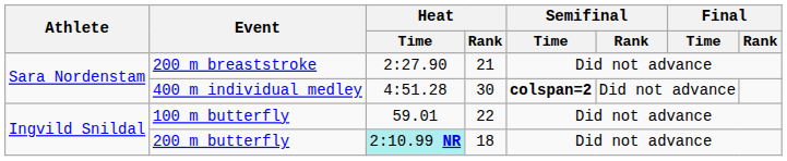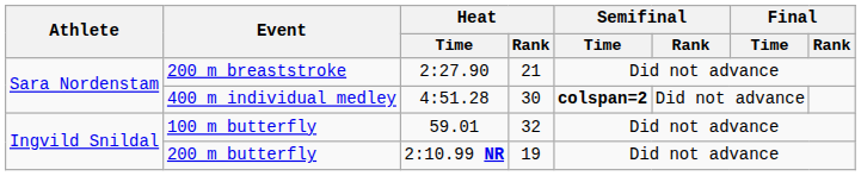 <table class=wikitable style="font-size:90%">
 <tr>
 <th rowspan="2">Athlete</th>
 <th rowspan="2">Event</th>
 <th colspan="2">Heat</th>
 <th colspan="2">Semifinal</th>
 <th colspan="2">Final</th>
 </tr>
 <tr style="font-size:95%">
 <th>Time</th>
 <th>Rank</th>
 <th>Time</th>
 <th>Rank</th>
 <th>Time</th>
 <th>Rank</th>
 </tr>
 <tr align=center>
 <td align=left rowspan=2><a href='#'>Sara Nordenstam</a></td>
 <td align=left><a href='#'>200 m breaststroke</a></td>
 <td>2:27.90</td>
 <td>21</td>
 <td colspan=4>Did not advance</td>
 </tr>
 <tr align=center>
 <td align=left><a href='#'>400 m individual medley</a></td>
 <td>4:51.28</td>
 <td>30</td>
 <td><strong>colspan=2 </strong></td>
 <td colspan=2>Did not advance</td>
 </tr>
 <tr align=center>
 <td align=left rowspan=2><a href='#'>Ingvild Snildal</a></td>
 <td align=left><a href='#'>100 m butterfly</a></td>
 <td>59.01</td>
-<td>22</td>
+<td>32</td>
 <td colspan=4>Did not advance</td>
 </tr>
 <tr align=center>
 <td align=left><a href='#'>200 m butterfly</a></td>
-<td style="background: paleturquoise;">2:10.99 <strong><a href='#'>NR</a></strong></td>
-<td>18</td>
+<td>2:10.99 <strong><a href='#'>NR</a></strong></td>
+<td>19</td>
 <td colspan=4>Did not advance</td>
 </tr>
 </table>
